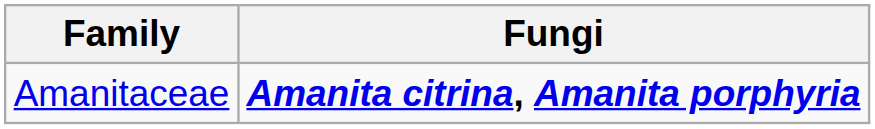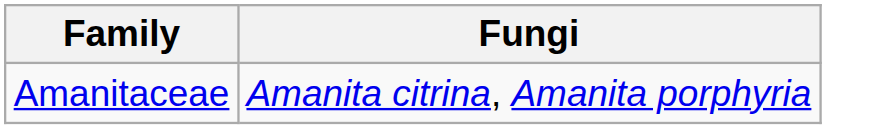 <table class="wikitable sortable">
 <tr>
 <th>Family</th>
 <th>Fungi</th>
 </tr>
 <tr>
 <td><a href='#'>Amanitaceae</a></td>
-<td><strong><em><a href='#'>Amanita citrina</a></em>, <em><a href='#'>Amanita porphyria</a></em></strong></td>
+<td><em><a href='#'>Amanita citrina</a></em>, <em><a href='#'>Amanita porphyria</a></em></td>
 </tr>
 </table>
